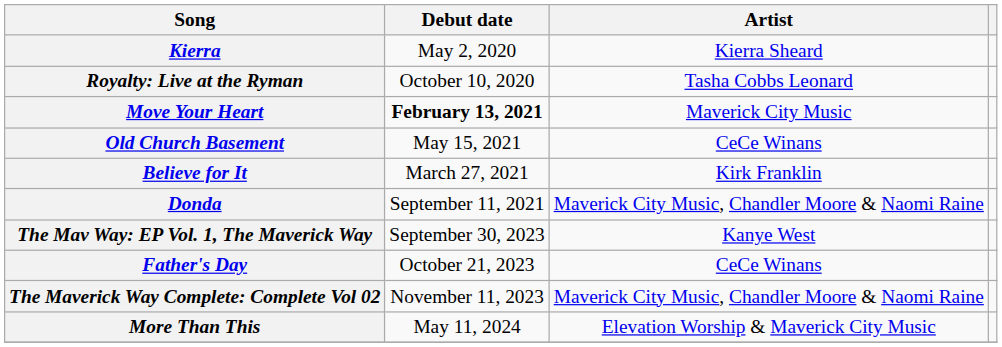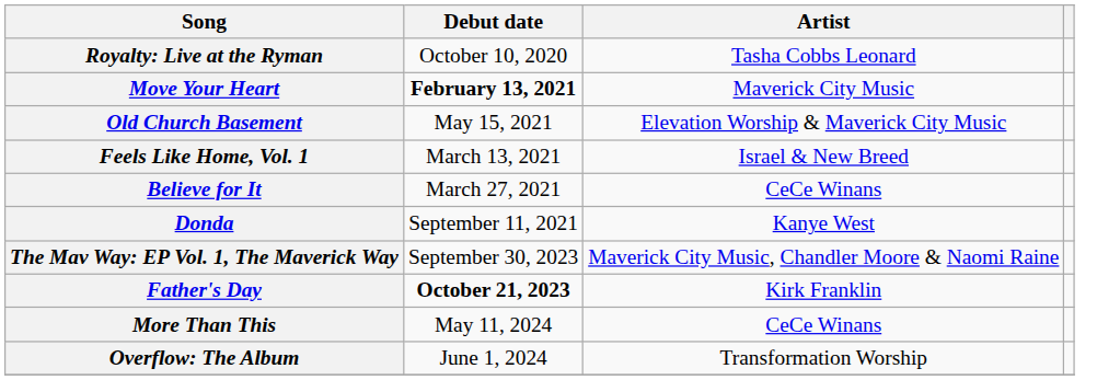 <table class="wikitable sortable plainrowheaders" style="text-align:center;" border="1";">
 <tr>
 <th scope=col>Song</th>
 <th scope=col>Debut date</th>
 <th scope=col>Artist</th>
 <th scope=col class="unsortable"></th>
-</tr>
-<tr>
-<th scope="row"><em><a href='#'>Kierra</a></em></th>
-<td>May 2, 2020</td>
-<td><a href='#'>Kierra Sheard</a></td>
-<td></td>
 </tr>
 <tr>
 <th scope="row"><em>Royalty: Live at the Ryman</em></th>
 <td>October 10, 2020</td>
 <td><a href='#'>Tasha Cobbs Leonard</a></td>
 <td></td>
 </tr>
 <tr>
 <th scope="row"><em><a href='#'>Move Your Heart</a></em></th>
 <td><strong>February 13, 2021</strong></td>
 <td><a href='#'>Maverick City Music</a></td>
 <td></td>
 </tr>
 <tr>
 <th scope="row"><em><a href='#'>Old Church Basement</a></em></th>
 <td>May 15, 2021</td>
-<td><a href='#'>CeCe Winans</a></td>
+<td><a href='#'>Elevation Worship</a> & <a href='#'>Maverick City Music</a></td>
+<td></td>
+</tr>
+<tr>
+<th scope="row"><em>Feels Like Home, Vol. 1</em></th>
+<td>March 13, 2021</td>
+<td><a href='#'>Israel & New Breed</a></td>
 <td></td>
 </tr>
 <tr>
 <th scope="row"><em><a href='#'>Believe for It</a></em></th>
 <td>March 27, 2021</td>
-<td><a href='#'>Kirk Franklin</a></td>
+<td><a href='#'>CeCe Winans</a></td>
 <td></td>
 </tr>
 <tr>
 <th scope="row"><em><a href='#'>Donda</a></em></th>
 <td>September 11, 2021</td>
-<td><a href='#'>Maverick City Music</a>, <a href='#'>Chandler Moore</a> & <a href='#'>Naomi Raine</a></td>
+<td><a href='#'>Kanye West</a></td>
 <td></td>
 </tr>
 <tr>
 <th scope="row"><em>The Mav Way: EP Vol. 1, The Maverick Way</em></th>
 <td>September 30, 2023</td>
-<td><a href='#'>Kanye West</a></td>
+<td><a href='#'>Maverick City Music</a>, <a href='#'>Chandler Moore</a> & <a href='#'>Naomi Raine</a></td>
 <td></td>
 </tr>
 <tr>
 <th scope="row"><em><a href='#'>Father's Day</a></em></th>
-<td>October 21, 2023</td>
-<td><a href='#'>CeCe Winans</a></td>
-<td></td>
-</tr>
-<tr>
-<th scope="row"><em>The Maverick Way Complete: Complete Vol 02</em></th>
-<td>November 11, 2023</td>
-<td><a href='#'>Maverick City Music</a>, <a href='#'>Chandler Moore</a> & <a href='#'>Naomi Raine</a></td>
+<td><strong>October 21, 2023</strong></td>
+<td><a href='#'>Kirk Franklin</a></td>
 <td></td>
 </tr>
 <tr>
 <th scope="row"><em>More Than This</em></th>
 <td>May 11, 2024</td>
-<td><a href='#'>Elevation Worship</a> & <a href='#'>Maverick City Music</a></td>
+<td><a href='#'>CeCe Winans</a></td>
+<td></td>
+</tr>
+<tr>
+<th scope="row"><em>Overflow: The Album</em></th>
+<td>June 1, 2024</td>
+<td>Transformation Worship</td>
 <td></td>
 </tr>
 <tr>
 </tr>
 </table>
